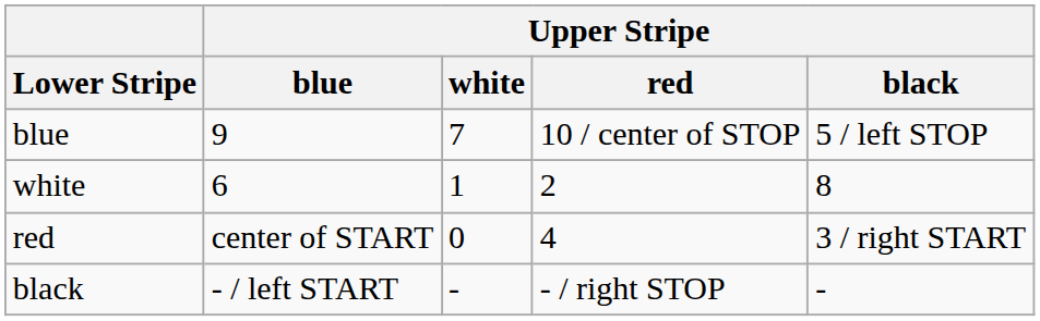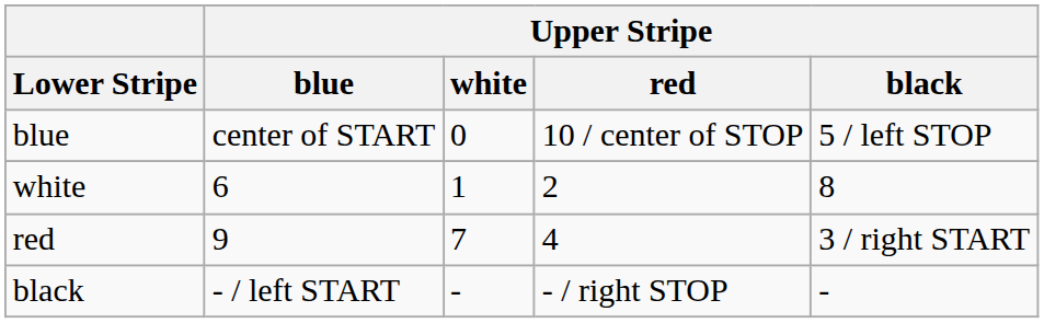 <table class="wikitable">
 <tr>
 <th></th>
 <th colspan="4">Upper Stripe</th>
 </tr>
 <tr>
 <th>Lower Stripe</th>
 <th>blue</th>
 <th>white</th>
 <th>red</th>
 <th>black</th>
 </tr>
 <tr>
 <td>blue</td>
-<td>9</td>
-<td>7</td>
+<td>center of START</td>
+<td>0</td>
 <td>10 / center of STOP</td>
 <td>5 / left STOP</td>
 </tr>
 <tr>
 <td>white</td>
 <td>6</td>
 <td>1</td>
 <td>2</td>
 <td>8</td>
 </tr>
 <tr>
 <td>red</td>
-<td>center of START</td>
-<td>0</td>
+<td>9</td>
+<td>7</td>
 <td>4</td>
 <td>3 / right START</td>
 </tr>
 <tr>
 <td>black</td>
 <td>- / left START</td>
 <td>-</td>
 <td>- / right STOP</td>
 <td>-</td>
 </tr>
 </table>
